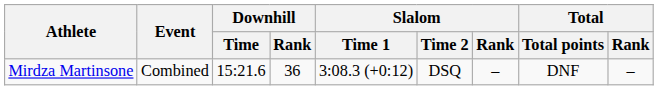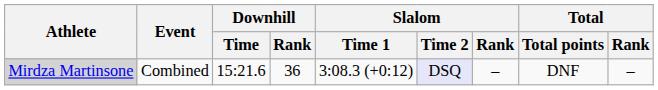 <table class="wikitable" style="font-size:90%">
 <tr>
 <th rowspan="2">Athlete</th>
 <th rowspan="2">Event</th>
 <th colspan="2">Downhill</th>
 <th colspan="3">Slalom</th>
 <th colspan="2">Total</th>
 </tr>
 <tr>
 <th>Time</th>
 <th>Rank</th>
 <th>Time 1</th>
 <th>Time 2</th>
 <th>Rank</th>
 <th>Total points</th>
 <th>Rank</th>
 </tr>
 <tr>
-<td><a href='#'>Mirdza Martinsone</a></td>
+<td style="background: lightgrey;"><a href='#'>Mirdza Martinsone</a></td>
 <td>Combined</td>
 <td align="center">15:21.6</td>
 <td align="center">36</td>
 <td align="center">3:08.3 (+0:12)</td>
-<td align="center">DSQ</td>
+<td align="center" style="background: lavender;">DSQ</td>
 <td align="center">–</td>
 <td align="center">DNF</td>
 <td align="center">–</td>
 </tr>
 </table>
